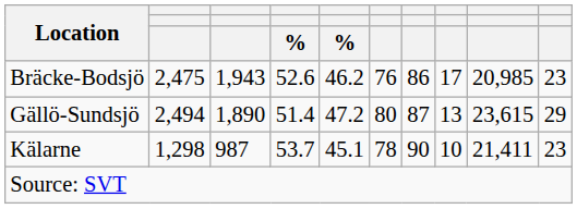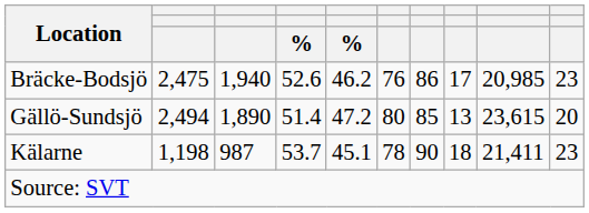 <table role="presentation" class="wikitable sortable mw-collapsible">
 <tr>
 <th rowspan="3">Location</th>
 <th></th>
 <th></th>
 <th></th>
 <th></th>
 <th></th>
 <th></th>
 <th></th>
 <th></th>
 <th></th>
 </tr>
 <tr>
 <th></th>
 <th></th>
 <th style="background:"></th>
 <th style="background:"></th>
 <th></th>
 <th></th>
 <th></th>
 <th></th>
 <th></th>
 </tr>
 <tr>
 <th data-sort-type="number"></th>
 <th data-sort-type="number"></th>
 <th data-sort-type="number">%</th>
 <th data-sort-type="number">%</th>
 <th data-sort-type="number"></th>
 <th data-sort-type="number"></th>
 <th data-sort-type="number"></th>
 <th data-sort-type="number"></th>
 <th data-sort-type="number"></th>
 </tr>
 <tr>
 <td align="left">Bräcke-Bodsjö</td>
 <td>2,475</td>
-<td>1,943</td>
+<td>1,940</td>
 <td>52.6</td>
 <td>46.2</td>
 <td>76</td>
 <td>86</td>
 <td>17</td>
 <td>20,985</td>
 <td>23</td>
 </tr>
 <tr>
 <td align="left">Gällö-Sundsjö</td>
 <td>2,494</td>
 <td>1,890</td>
 <td>51.4</td>
 <td>47.2</td>
 <td>80</td>
-<td>87</td>
+<td>85</td>
 <td>13</td>
 <td>23,615</td>
-<td>29</td>
+<td>20</td>
 </tr>
 <tr>
 <td align="left">Kälarne</td>
-<td>1,298</td>
+<td>1,198</td>
 <td>987</td>
 <td>53.7</td>
 <td>45.1</td>
 <td>78</td>
 <td>90</td>
-<td>10</td>
+<td>18</td>
 <td>21,411</td>
 <td>23</td>
 </tr>
 <tr>
 <td colspan="10" align="left">Source: <a href='#'>SVT</a></td>
 </tr>
 </table>
